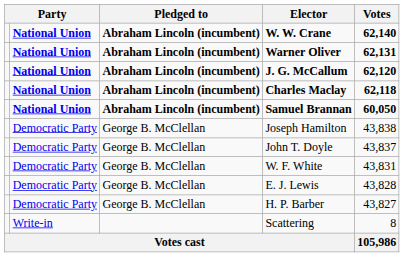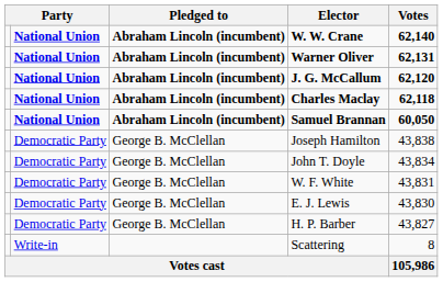 <table class="wikitable">
 <tr>
 <th colspan=2>Party</th>
 <th>Pledged to</th>
 <th>Elector</th>
 <th>Votes</th>
 </tr>
 <tr style="font-weight:bold">
 <td></td>
 <td><a href='#'>National Union</a></td>
 <td>Abraham Lincoln (incumbent)</td>
 <td>W. W. Crane</td>
 <td align="right">62,140</td>
 </tr>
 <tr style="font-weight:bold">
 <td></td>
 <td><a href='#'>National Union</a></td>
 <td>Abraham Lincoln (incumbent)</td>
 <td>Warner Oliver</td>
 <td align="right">62,131</td>
 </tr>
 <tr style="font-weight:bold">
 <td></td>
 <td><a href='#'>National Union</a></td>
 <td>Abraham Lincoln (incumbent)</td>
 <td>J. G. McCallum</td>
 <td align="right">62,120</td>
 </tr>
 <tr style="font-weight:bold">
 <td></td>
 <td><a href='#'>National Union</a></td>
 <td>Abraham Lincoln (incumbent)</td>
 <td>Charles Maclay</td>
 <td align="right">62,118</td>
 </tr>
 <tr style="font-weight:bold">
 <td></td>
 <td><a href='#'>National Union</a></td>
 <td>Abraham Lincoln (incumbent)</td>
 <td>Samuel Brannan</td>
 <td align="right">60,050</td>
 </tr>
 <tr>
 <td></td>
 <td><a href='#'>Democratic Party</a></td>
 <td>George B. McClellan</td>
 <td>Joseph Hamilton</td>
 <td align="right">43,838</td>
 </tr>
 <tr>
 <td></td>
 <td><a href='#'>Democratic Party</a></td>
 <td>George B. McClellan</td>
 <td>John T. Doyle</td>
-<td align="right">43,837</td>
+<td align="right">43,834</td>
 </tr>
 <tr>
 <td></td>
 <td><a href='#'>Democratic Party</a></td>
 <td>George B. McClellan</td>
 <td>W. F. White</td>
 <td align="right">43,831</td>
 </tr>
 <tr>
 <td></td>
 <td><a href='#'>Democratic Party</a></td>
 <td>George B. McClellan</td>
 <td>E. J. Lewis</td>
-<td align="right">43,828</td>
+<td align="right">43,830</td>
 </tr>
 <tr>
 <td></td>
 <td><a href='#'>Democratic Party</a></td>
 <td>George B. McClellan</td>
 <td>H. P. Barber</td>
 <td align="right">43,827</td>
 </tr>
 <tr>
 <td></td>
 <td><a href='#'>Write-in</a></td>
 <td></td>
 <td>Scattering</td>
 <td align="right">8</td>
 </tr>
 <tr>
 <th colspan="4">Votes cast</th>
 <th>105,986</th>
 </tr>
 </table>
